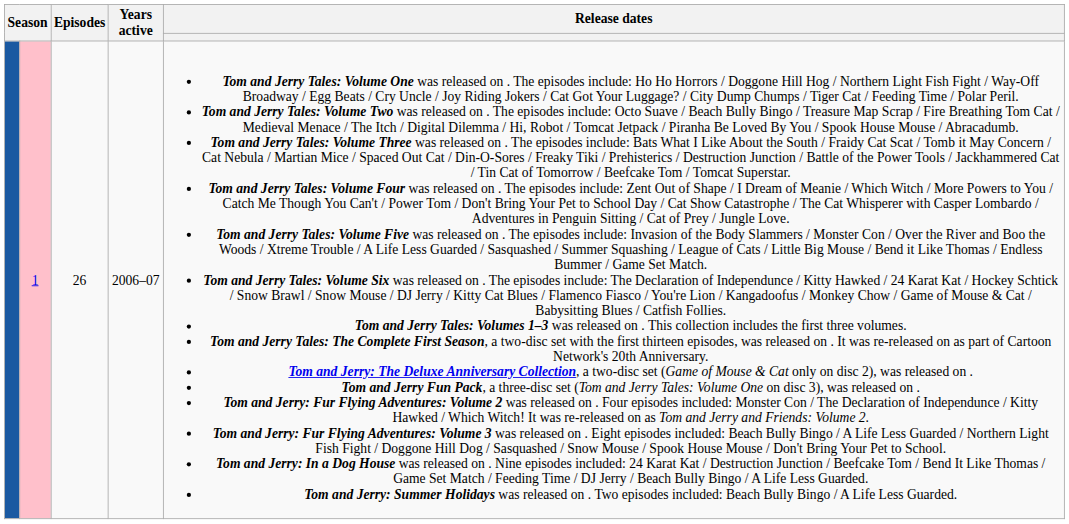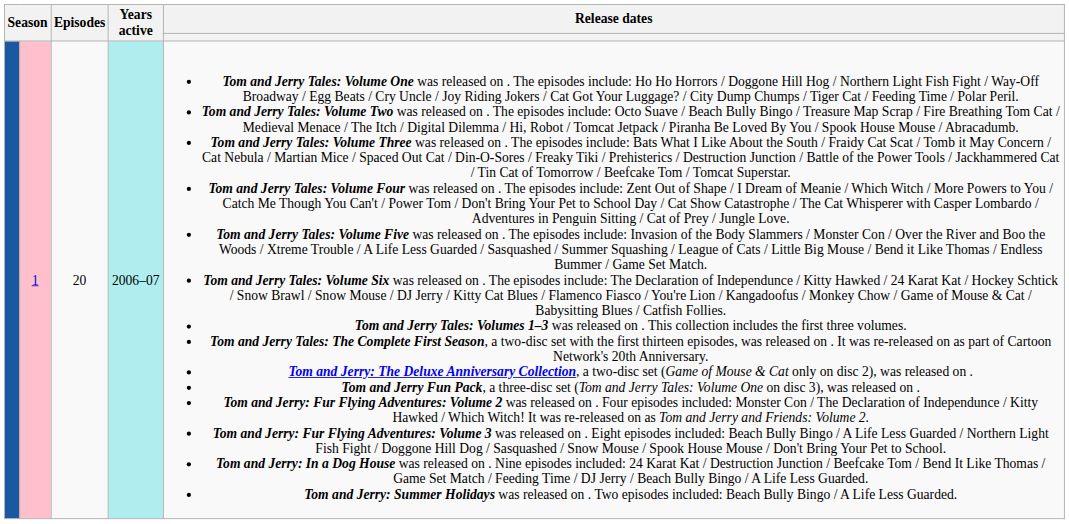 <table class="wikitable" style="text-align:center">
 <tr>
 <th colspan="2" rowspan="2">Season</th>
 <th rowspan="2">Episodes</th>
 <th rowspan="2">Years active</th>
 <th colspan="2">Release dates</th>
 </tr>
 <tr>
 <th></th>
 </tr>
 <tr>
 <td style="background:#1A59A1"></td>
 <td style="background: pink;"><a href='#'>1</a></td>
-<td>26</td>
-<td>2006–07</td>
+<td>20</td>
+<td style="background: paleturquoise;">2006–07</td>
 <td><br><ul><li><strong><em>Tom and Jerry Tales: Volume One</em></strong> was released on . The episodes include: Ho Ho Horrors / Doggone Hill Hog / Northern Light Fish Fight / Way-Off Broadway / Egg Beats / Cry Uncle / Joy Riding Jokers / Cat Got Your Luggage? / City Dump Chumps / Tiger Cat / Feeding Time / Polar Peril.</li><li><strong><em>Tom and Jerry Tales: Volume Two</em></strong> was released on . The episodes include: Octo Suave / Beach Bully Bingo / Treasure Map Scrap / Fire Breathing Tom Cat / Medieval Menace / The Itch / Digital Dilemma / Hi, Robot / Tomcat Jetpack / Piranha Be Loved By You / Spook House Mouse / Abracadumb.</li><li><strong><em>Tom and Jerry Tales: Volume Three</em></strong> was released on . The episodes include: Bats What I Like About the South / Fraidy Cat Scat / Tomb it May Concern / Cat Nebula / Martian Mice / Spaced Out Cat / Din-O-Sores / Freaky Tiki / Prehisterics / Destruction Junction / Battle of the Power Tools / Jackhammered Cat / Tin Cat of Tomorrow / Beefcake Tom / Tomcat Superstar.</li><li><strong><em>Tom and Jerry Tales: Volume Four</em></strong> was released on . The episodes include: Zent Out of Shape / I Dream of Meanie / Which Witch / More Powers to You / Catch Me Though You Can't / Power Tom / Don't Bring Your Pet to School Day / Cat Show Catastrophe / The Cat Whisperer with Casper Lombardo / Adventures in Penguin Sitting / Cat of Prey / Jungle Love.</li><li><strong><em>Tom and Jerry Tales: Volume Five</em></strong> was released on . The episodes include: Invasion of the Body Slammers / Monster Con / Over the River and Boo the Woods / Xtreme Trouble / A Life Less Guarded / Sasquashed / Summer Squashing / League of Cats / Little Big Mouse / Bend it Like Thomas / Endless Bummer / Game Set Match.</li><li><strong><em>Tom and Jerry Tales: Volume Six</em></strong> was released on . The episodes include: The Declaration of Independunce / Kitty Hawked / 24 Karat Kat / Hockey Schtick / Snow Brawl / Snow Mouse / DJ Jerry / Kitty Cat Blues / Flamenco Fiasco / You're Lion / Kangadoofus / Monkey Chow / Game of Mouse & Cat / Babysitting Blues / Catfish Follies.</li><li><strong><em>Tom and Jerry Tales: Volumes 1–3</em></strong> was released on . This collection includes the first three volumes.</li><li><strong><em>Tom and Jerry Tales: The Complete First Season</em></strong>, a two-disc set with the first thirteen episodes, was released on . It was re-released on  as part of Cartoon Network's 20th Anniversary.</li><li><strong><em><a href='#'>Tom and Jerry: The Deluxe Anniversary Collection</a></em></strong>, a two-disc set (<em>Game of Mouse & Cat</em> only on disc 2), was released on .</li><li><strong><em>Tom and Jerry Fun Pack</em></strong>, a three-disc set (<em>Tom and Jerry Tales: Volume One</em> on disc 3), was released on .</li><li><strong><em>Tom and Jerry: Fur Flying Adventures: Volume 2</em></strong> was released on . Four episodes included: Monster Con / The Declaration of Independunce / Kitty Hawked / Which Witch! It was re-released on  as <em>Tom and Jerry and Friends: Volume 2</em>.</li><li><strong><em>Tom and Jerry: Fur Flying Adventures: Volume 3</em></strong> was released on . Eight episodes included: Beach Bully Bingo / A Life Less Guarded / Northern Light Fish Fight / Doggone Hill Dog / Sasquashed / Snow Mouse / Spook House Mouse / Don't Bring Your Pet to School.</li><li><strong><em>Tom and Jerry: In a Dog House</em></strong> was released on . Nine episodes included: 24 Karat Kat / Destruction Junction / Beefcake Tom / Bend It Like Thomas / Game Set Match / Feeding Time / DJ Jerry / Beach Bully Bingo / A Life Less Guarded.</li><li><strong><em>Tom and Jerry: Summer Holidays</em></strong> was released on . Two episodes included: Beach Bully Bingo / A Life Less Guarded.</li></ul></td>
 </tr>
 </table>
